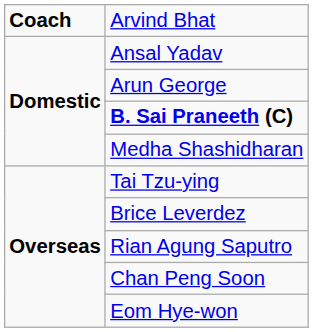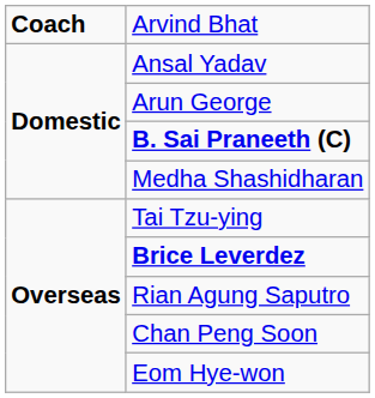 <table class="wikitable">
 <tr>
 <td><strong>Coach</strong></td>
 <td> <a href='#'>Arvind Bhat</a></td>
 </tr>
 <tr>
 <td rowspan="4"><strong>Domestic</strong></td>
 <td> <a href='#'>Ansal Yadav</a></td>
 </tr>
 <tr>
 <td> <a href='#'>Arun George</a></td>
 </tr>
 <tr>
 <td><strong> <a href='#'>B. Sai Praneeth</a> (C)</strong></td>
 </tr>
 <tr>
 <td> <a href='#'>Medha Shashidharan</a></td>
 </tr>
 <tr>
 <td rowspan="5"><strong>Overseas</strong></td>
 <td> <a href='#'>Tai Tzu-ying</a></td>
 </tr>
 <tr>
-<td> <a href='#'>Brice Leverdez</a></td>
+<td><strong> <a href='#'>Brice Leverdez</a></strong></td>
 </tr>
 <tr>
 <td> <a href='#'>Rian Agung Saputro</a></td>
 </tr>
 <tr>
 <td> <a href='#'>Chan Peng Soon</a></td>
 </tr>
 <tr>
 <td> <a href='#'>Eom Hye-won</a></td>
 </tr>
 </table>
